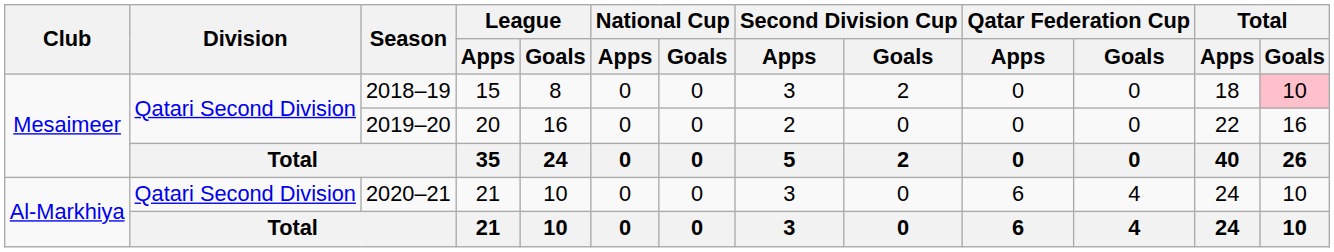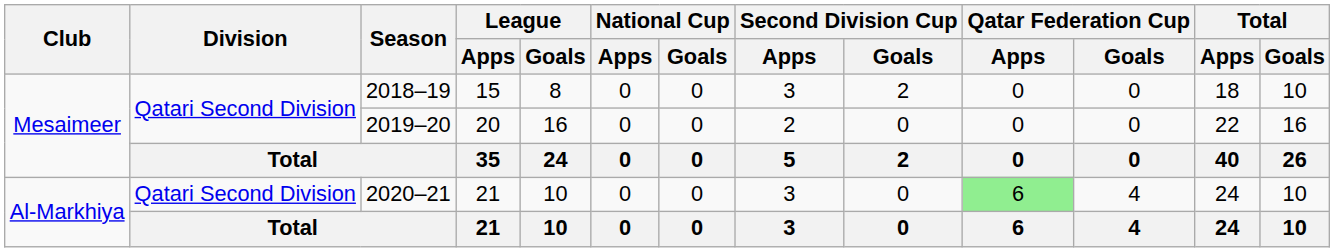 <table class="wikitable" style="text-align: center;">
 <tr>
 <th rowspan="2">Club</th>
 <th rowspan="2">Division</th>
 <th rowspan="2">Season</th>
 <th colspan="2">League</th>
 <th colspan="2">National Cup</th>
 <th colspan="2">Second Division Cup</th>
 <th colspan="2">Qatar  Federation Cup</th>
 <th colspan="2">Total</th>
 </tr>
 <tr>
 <th>Apps</th>
 <th>Goals</th>
 <th>Apps</th>
 <th>Goals</th>
 <th>Apps</th>
 <th>Goals</th>
 <th>Apps</th>
 <th>Goals</th>
 <th>Apps</th>
 <th>Goals</th>
 </tr>
 <tr>
 <td rowspan="3"><a href='#'>Mesaimeer</a></td>
 <td rowspan="2"><a href='#'>Qatari Second Division</a></td>
 <td 2018–19 Qatari Second Division>2018–19</td>
 <td>15</td>
 <td>8</td>
 <td>0</td>
 <td>0</td>
 <td>3</td>
 <td>2</td>
 <td>0</td>
 <td>0</td>
 <td>18</td>
-<td style="background: pink;">10</td>
+<td>10</td>
 </tr>
 <tr>
 <td 2019–20 Qatari Second Division>2019–20</td>
 <td>20</td>
 <td>16</td>
 <td>0</td>
 <td>0</td>
 <td>2</td>
 <td>0</td>
 <td>0</td>
 <td>0</td>
 <td>22</td>
 <td>16</td>
 </tr>
 <tr>
 <th colspan="2">Total</th>
 <th>35</th>
 <th>24</th>
 <th>0</th>
 <th>0</th>
 <th>5</th>
 <th>2</th>
 <th>0</th>
 <th>0</th>
 <th>40</th>
 <th>26</th>
 </tr>
 <tr>
 <td rowspan="2"><a href='#'>Al-Markhiya</a></td>
 <td><a href='#'>Qatari Second Division</a></td>
 <td 2020–21 Qatari Second Division>2020–21</td>
 <td>21</td>
 <td>10</td>
 <td>0</td>
 <td>0</td>
 <td>3</td>
 <td>0</td>
-<td>6</td>
+<td style="background: lightgreen;">6</td>
 <td>4</td>
 <td>24</td>
 <td>10</td>
 </tr>
 <tr>
 <th colspan="2">Total</th>
 <th>21</th>
 <th>10</th>
 <th>0</th>
 <th>0</th>
 <th>3</th>
 <th>0</th>
 <th>6</th>
 <th>4</th>
 <th>24</th>
 <th>10</th>
 </tr>
 </table>
